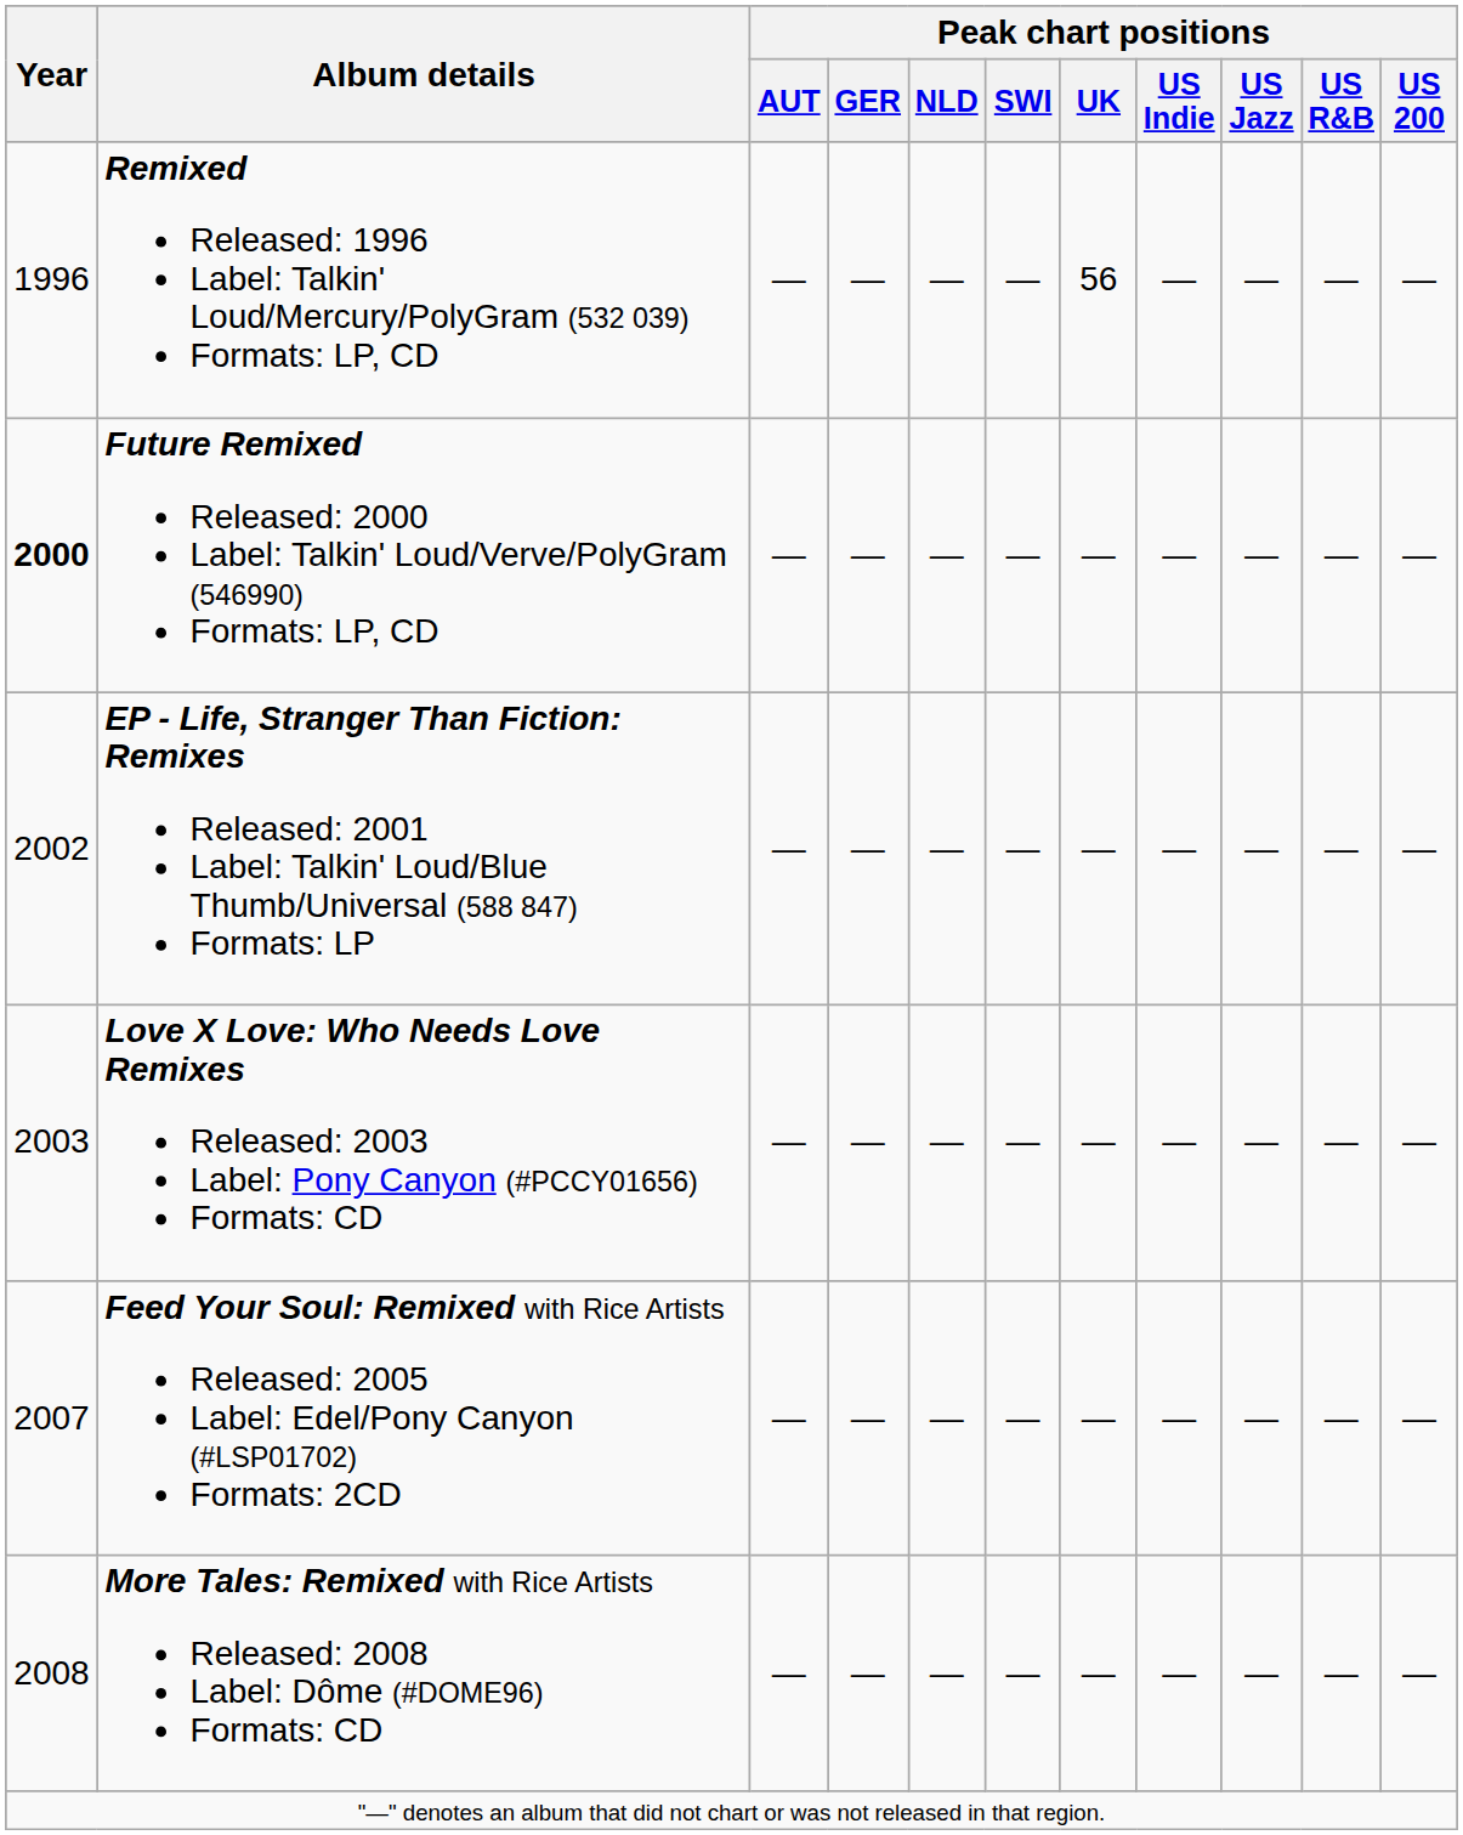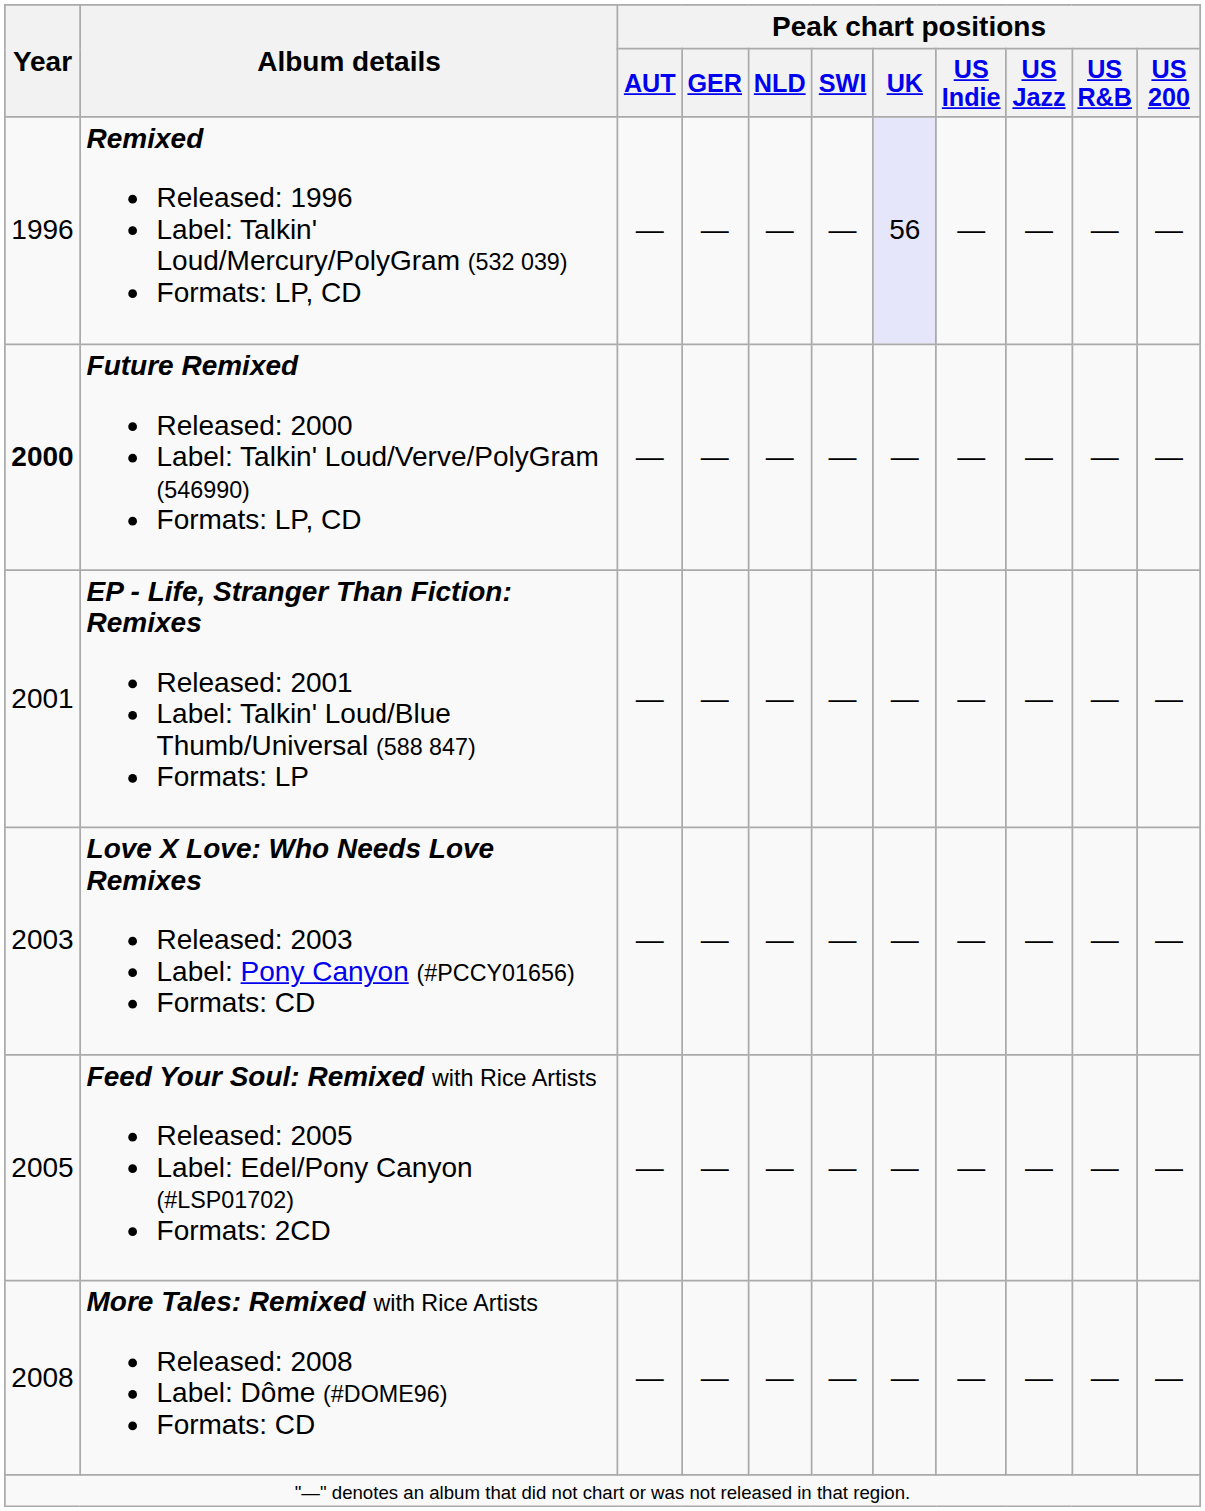 <table class="wikitable" style="text-align:center">
 <tr>
 <th width="35" rowspan="2">Year</th>
 <th width="300" rowspan="2">Album details</th>
 <th colspan="9">Peak chart positions</th>
 </tr>
 <tr>
 <th style="width:2em;font-size:90%;"><a href='#'>AUT</a></th>
 <th style="width:2em;font-size:90%;"><a href='#'>GER</a></th>
 <th style="width:2em;font-size:90%;"><a href='#'>NLD</a></th>
 <th style="width:2em;font-size:90%;"><a href='#'>SWI</a></th>
 <th style="width:2em;font-size:90%;"><a href='#'>UK</a> <br></th>
 <th style="width:2em;font-size:90%;"><a href='#'>US Indie</a></th>
 <th style="width:2em;font-size:90%;"><a href='#'>US Jazz</a></th>
 <th style="width:2em;font-size:90%;"><a href='#'>US R&B</a></th>
 <th style="width:2em;font-size:90%;"><a href='#'>US 200</a></th>
 </tr>
 <tr>
 <td>1996</td>
 <td align="left"><strong><em>Remixed</em></strong><br><ul><li>Released: 1996</li><li>Label: Talkin' Loud/Mercury/PolyGram <small>(532 039)</small></li><li>Formats: LP, CD</li></ul></td>
 <td>—</td>
 <td>—</td>
 <td>—</td>
 <td>—</td>
-<td>56</td>
+<td style="background: lavender;">56</td>
 <td>—</td>
 <td>—</td>
 <td>—</td>
 <td>—</td>
 </tr>
 <tr>
 <td><strong>2000</strong></td>
 <td align="left"><strong><em>Future Remixed</em></strong><br><ul><li>Released: 2000</li><li>Label: Talkin' Loud/Verve/PolyGram <small>(546990)</small></li><li>Formats: LP, CD</li></ul></td>
 <td>—</td>
 <td>—</td>
 <td>—</td>
 <td>—</td>
 <td>—</td>
 <td>—</td>
 <td>—</td>
 <td>—</td>
 <td>—</td>
 </tr>
 <tr>
-<td>2002</td>
+<td>2001</td>
 <td align="left"><strong><em>EP - Life, Stranger Than Fiction: Remixes</em></strong><br><ul><li>Released: 2001</li><li>Label: Talkin' Loud/Blue Thumb/Universal <small>(588 847)</small></li><li>Formats: LP</li></ul></td>
 <td>—</td>
 <td>—</td>
 <td>—</td>
 <td>—</td>
 <td>—</td>
 <td>—</td>
 <td>—</td>
 <td>—</td>
 <td>—</td>
 </tr>
 <tr>
 <td>2003</td>
 <td align="left"><strong><em>Love X Love: Who Needs Love Remixes</em></strong><br><ul><li>Released: 2003</li><li>Label: <a href='#'>Pony Canyon</a> <small>(#PCCY01656)</small></li><li>Formats: CD</li></ul></td>
 <td>—</td>
 <td>—</td>
 <td>—</td>
 <td>—</td>
 <td>—</td>
 <td>—</td>
 <td>—</td>
 <td>—</td>
 <td>—</td>
 </tr>
 <tr>
-<td>2007</td>
+<td>2005</td>
 <td align="left"><strong><em>Feed Your Soul: Remixed</em></strong> <small>with Rice Artists</small><br><ul><li>Released: 2005</li><li>Label: Edel/Pony Canyon <small>(#LSP01702)</small></li><li>Formats: 2CD</li></ul></td>
 <td>—</td>
 <td>—</td>
 <td>—</td>
 <td>—</td>
 <td>—</td>
 <td>—</td>
 <td>—</td>
 <td>—</td>
 <td>—</td>
 </tr>
 <tr>
 <td>2008</td>
 <td align="left"><strong><em>More Tales: Remixed</em></strong> <small>with Rice Artists</small><br><ul><li>Released: 2008</li><li>Label: Dôme <small>(#DOME96)</small></li><li>Formats: CD</li></ul></td>
 <td>—</td>
 <td>—</td>
 <td>—</td>
 <td>—</td>
 <td>—</td>
 <td>—</td>
 <td>—</td>
 <td>—</td>
 <td>—</td>
 </tr>
 <tr>
 <td colspan="11" style="font-size: 8pt">"—" denotes an album that did not chart or was not released in that region.</td>
 </tr>
 </table>
